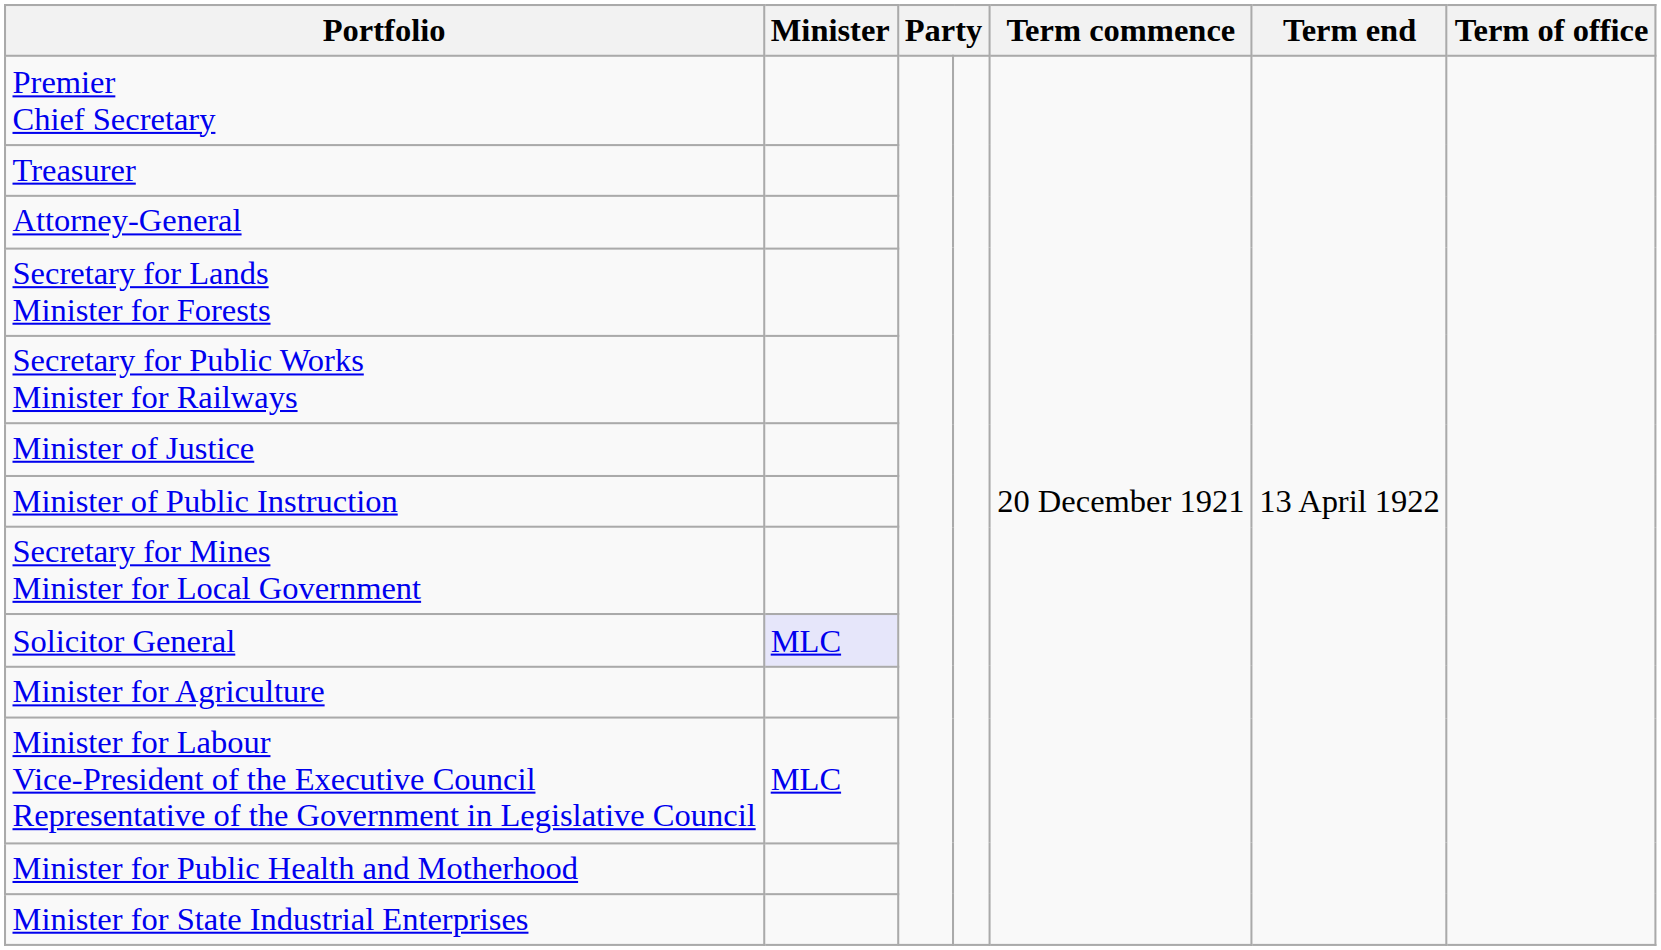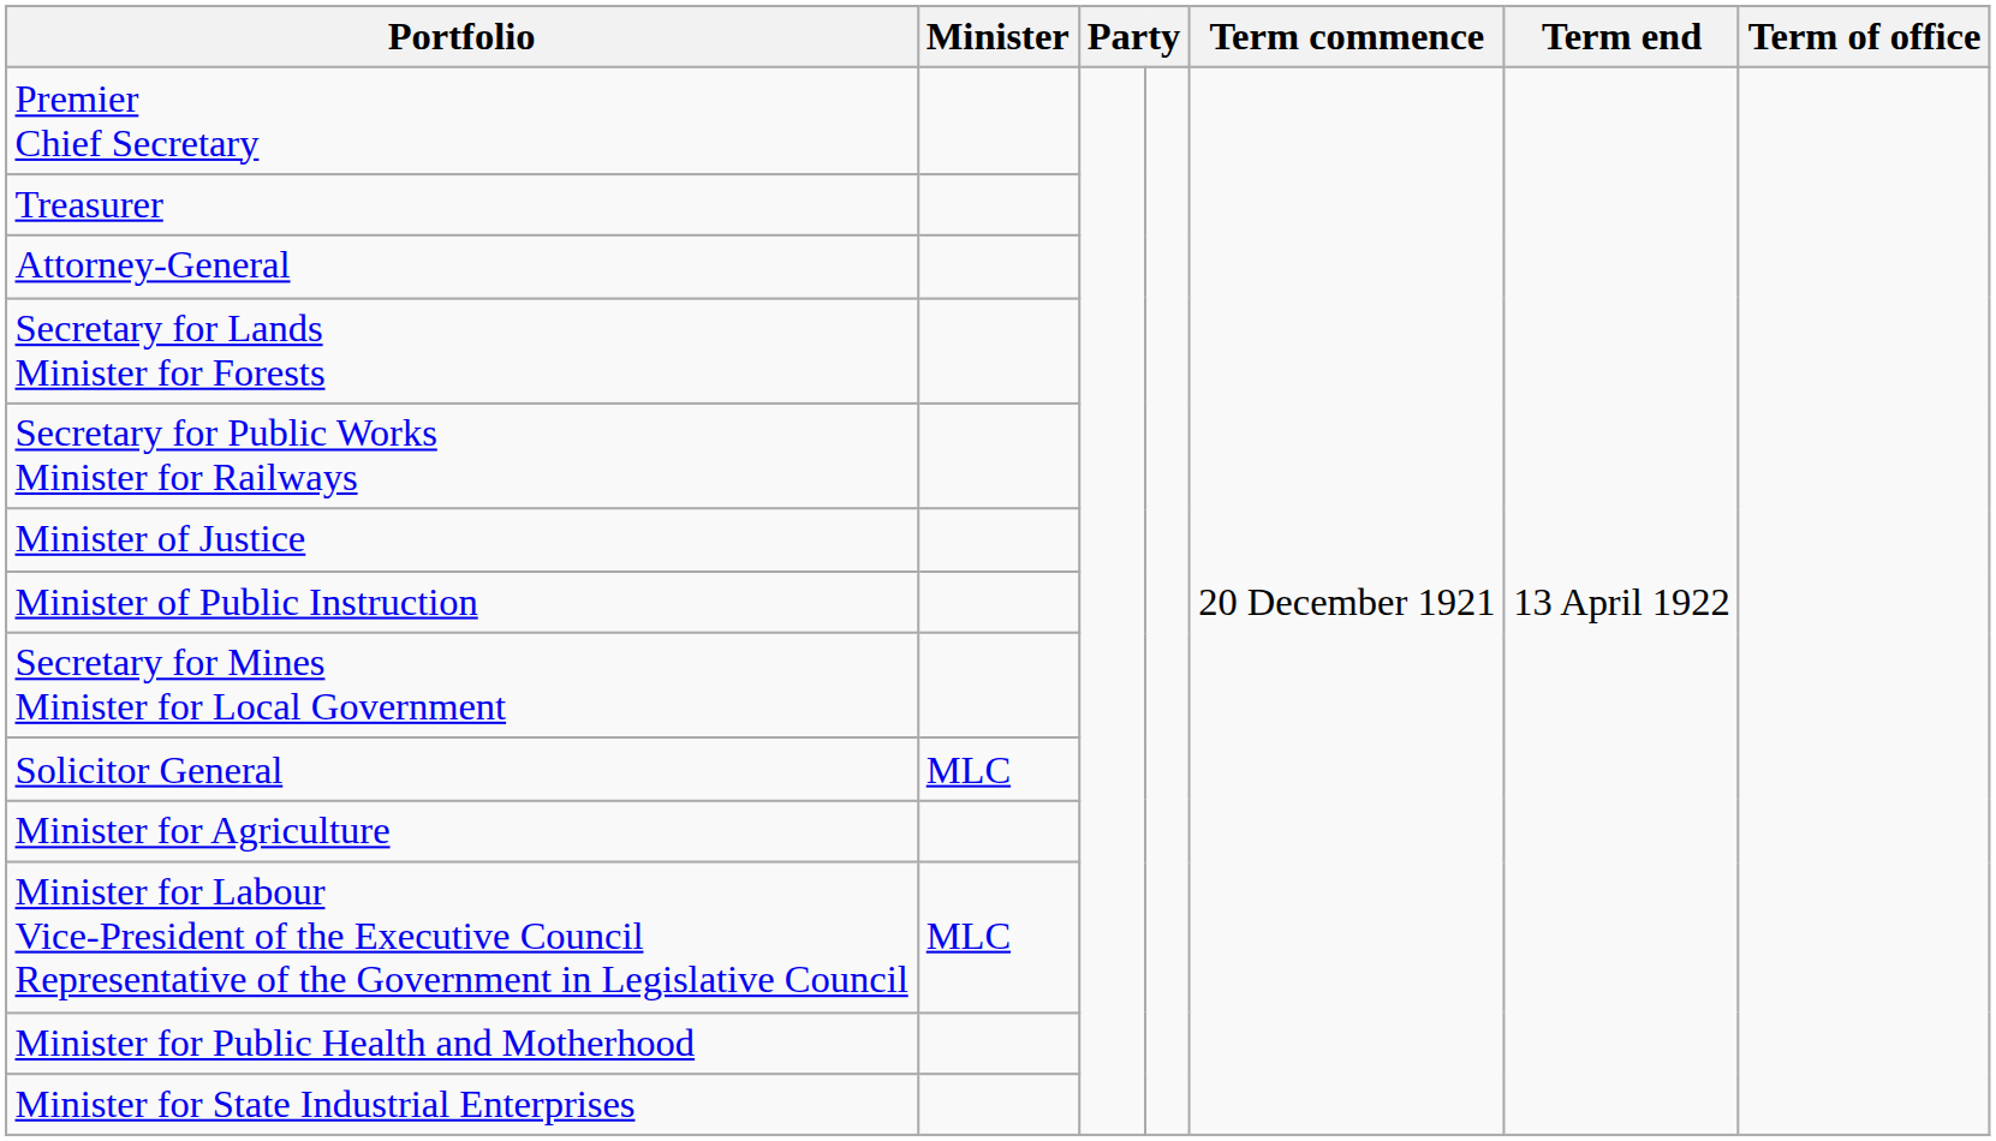 <table class="wikitable sortable">
 <tr>
 <th>Portfolio</th>
 <th>Minister</th>
 <th colspan="2">Party</th>
 <th>Term commence</th>
 <th>Term end</th>
 <th>Term of office</th>
 </tr>
 <tr>
 <td><a href='#'>Premier</a><br><a href='#'>Chief Secretary</a></td>
 <td></td>
 <td rowspan="13" > </td>
 <td rowspan="13"></td>
 <td rowspan=13 align="center">20 December 1921</td>
 <td rowspan=13 align="center">13 April 1922</td>
 <td rowspan=13 align="center"></td>
 </tr>
 <tr>
 <td><a href='#'>Treasurer</a></td>
 <td></td>
 </tr>
 <tr>
 <td><a href='#'>Attorney-General</a></td>
 <td></td>
 </tr>
 <tr>
 <td><a href='#'>Secretary for Lands</a><br><a href='#'>Minister for Forests</a></td>
 <td></td>
 </tr>
 <tr>
 <td><a href='#'>Secretary for Public Works</a><br><a href='#'>Minister for Railways</a></td>
 <td></td>
 </tr>
 <tr>
 <td><a href='#'>Minister of Justice</a></td>
 <td></td>
 </tr>
 <tr>
 <td><a href='#'>Minister of Public Instruction</a></td>
 <td></td>
 </tr>
 <tr>
 <td><a href='#'>Secretary for Mines</a><br><a href='#'>Minister for Local Government</a></td>
 <td></td>
 </tr>
 <tr>
 <td><a href='#'>Solicitor General</a></td>
-<td style="background: lavender;"> <a href='#'>MLC</a></td>
+<td> <a href='#'>MLC</a></td>
 </tr>
 <tr>
 <td><a href='#'>Minister for Agriculture</a></td>
 <td></td>
 </tr>
 <tr>
 <td><a href='#'>Minister for Labour</a><br><a href='#'>Vice-President of the Executive Council</a><br><a href='#'>Representative of the Government in Legislative Council</a></td>
 <td> <a href='#'>MLC</a></td>
 </tr>
 <tr>
 <td><a href='#'>Minister for Public Health and Motherhood</a></td>
 <td></td>
 </tr>
 <tr>
 <td><a href='#'>Minister for State Industrial Enterprises</a></td>
 <td></td>
 </tr>
 </table>
